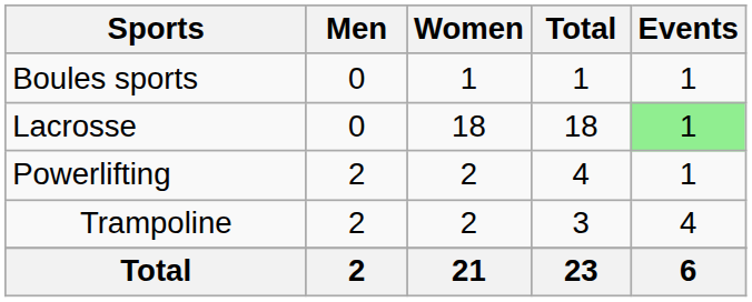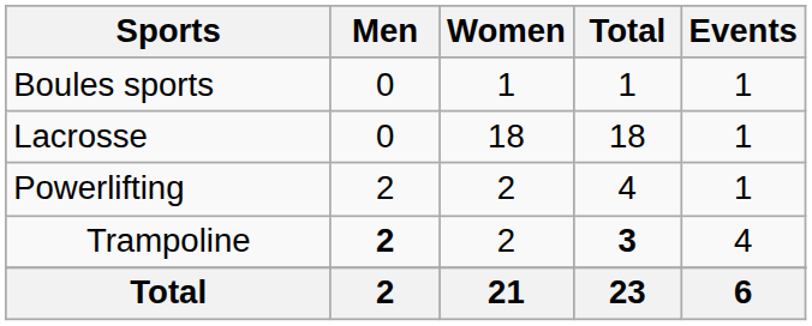 <table class="wikitable sortable" style="text-align:center;">
 <tr>
 <th width=150>Sports</th>
 <th width=45>Men</th>
 <th width=45>Women</th>
 <th width=45>Total</th>
 <th width=45>Events</th>
 </tr>
 <tr>
 <td align=left>Boules sports</td>
 <td>0</td>
 <td>1</td>
 <td>1</td>
 <td>1</td>
 </tr>
 <tr>
 <td align=left>Lacrosse</td>
 <td>0</td>
 <td>18</td>
 <td>18</td>
-<td style="background: lightgreen;">1</td>
+<td>1</td>
 </tr>
 <tr>
 <td align=left>Powerlifting</td>
 <td>2</td>
 <td>2</td>
 <td>4</td>
 <td>1</td>
 </tr>
 <tr>
 <td>Trampoline</td>
+<td><strong>2</strong></td>
 <td>2</td>
-<td>2</td>
-<td>3</td>
+<td><strong>3</strong></td>
 <td>4</td>
 </tr>
 <tr>
 </tr>
 <tr class="sortbottom">
 <th>Total</th>
 <th>2</th>
 <th>21</th>
 <th>23</th>
 <th>6</th>
 </tr>
 </table>
